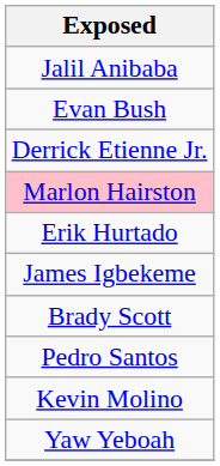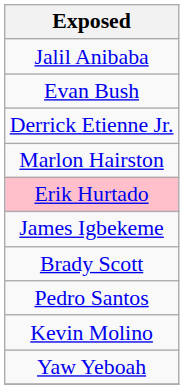 <table class="wikitable" style="text-align:center">
 <tr>
 <th>Exposed</th>
 </tr>
 <tr>
 <td><a href='#'>Jalil Anibaba</a></td>
 </tr>
 <tr>
 <td><a href='#'>Evan Bush</a></td>
 </tr>
 <tr>
 <td><a href='#'>Derrick Etienne Jr.</a></td>
 </tr>
 <tr>
-<td style="background: pink;"><a href='#'>Marlon Hairston</a></td>
+<td><a href='#'>Marlon Hairston</a></td>
 </tr>
 <tr>
-<td><a href='#'>Erik Hurtado</a></td>
+<td style="background: pink;"><a href='#'>Erik Hurtado</a></td>
 </tr>
 <tr>
 <td><a href='#'>James Igbekeme</a></td>
 </tr>
 <tr>
 <td><a href='#'>Brady Scott</a></td>
 </tr>
 <tr>
 <td><a href='#'>Pedro Santos</a></td>
 </tr>
 <tr>
 <td><a href='#'>Kevin Molino</a></td>
 </tr>
 <tr>
 <td><a href='#'>Yaw Yeboah</a></td>
 </tr>
 <tr>
 </tr>
 </table>
